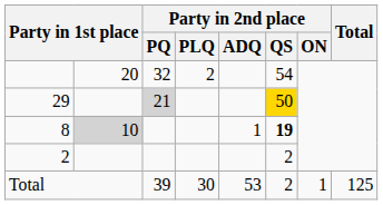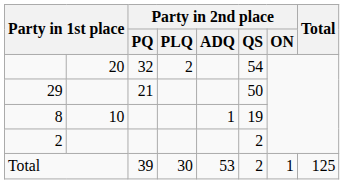 <table class="wikitable" style="text-align:right;">
 <tr>
 <th rowspan="2" colspan="2" style="text-align:left;">Party in 1st place</th>
 <th colspan="5">Party in 2nd place</th>
 <th rowspan="2">Total</th>
 </tr>
 <tr>
 <th>PQ</th>
 <th>PLQ</th>
 <th>ADQ</th>
 <th>QS</th>
 <th>ON</th>
 </tr>
 <tr>
 <td></td>
 <td>20</td>
 <td>32</td>
 <td>2</td>
 <td></td>
 <td>54</td>
 </tr>
 <tr>
 <td>29</td>
 <td></td>
-<td style="background: lightgrey;">21</td>
+<td>21</td>
 <td></td>
 <td></td>
-<td style="background: gold;">50</td>
+<td>50</td>
 </tr>
 <tr>
 <td>8</td>
-<td style="background: lightgrey;">10</td>
+<td>10</td>
 <td></td>
 <td></td>
 <td>1</td>
-<td><strong>19</strong></td>
+<td>19</td>
 </tr>
 <tr>
 <td>2</td>
 <td></td>
 <td></td>
 <td></td>
 <td></td>
 <td>2</td>
 </tr>
 <tr>
 <td colspan="2" style="text-align:left;">Total</td>
 <td>39</td>
 <td>30</td>
 <td>53</td>
 <td>2</td>
 <td>1</td>
 <td>125</td>
 </tr>
 </table>
